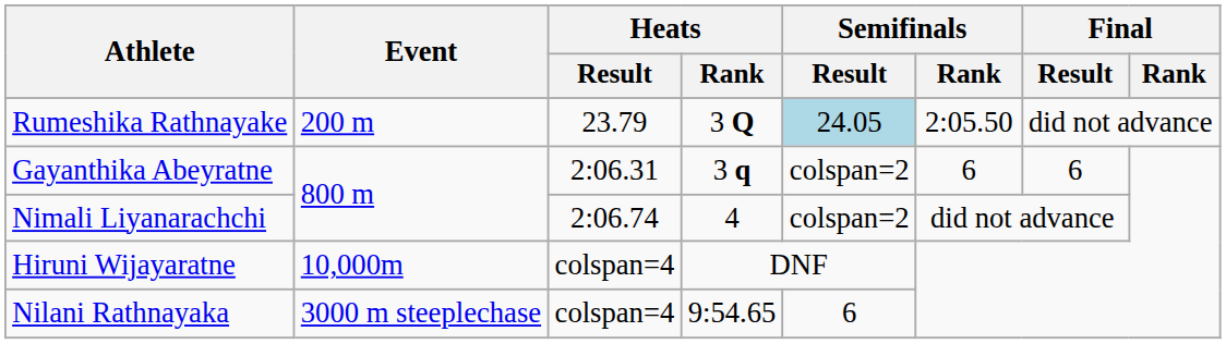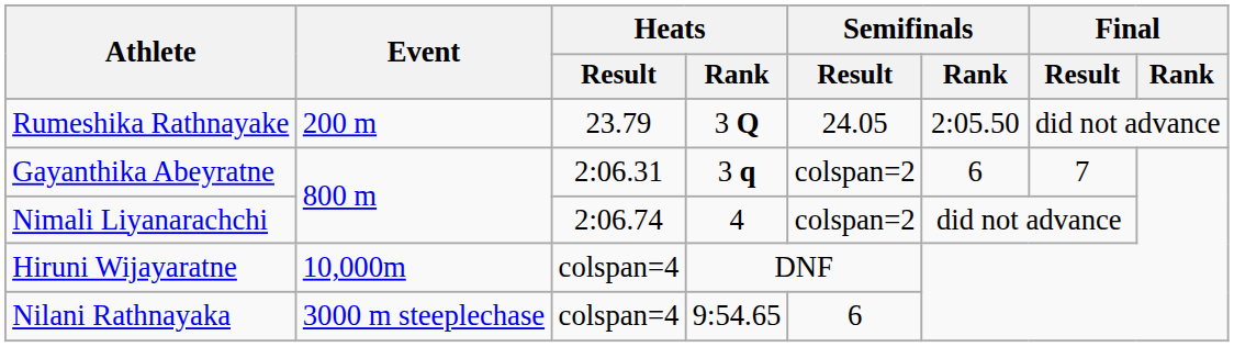 <table class="wikitable" style="font-size:90%">
 <tr>
 <th rowspan=2>Athlete</th>
 <th rowspan=2>Event</th>
 <th colspan=2>Heats</th>
 <th colspan=2>Semifinals</th>
 <th colspan=2>Final</th>
 </tr>
 <tr style="font-size:95%">
 <th>Result</th>
 <th>Rank</th>
 <th>Result</th>
 <th>Rank</th>
 <th>Result</th>
 <th>Rank</th>
 </tr>
 <tr align=center>
 <td align=left><a href='#'>Rumeshika Rathnayake</a></td>
 <td align=left><a href='#'>200 m</a></td>
 <td>23.79</td>
 <td>3 <strong>Q</strong></td>
-<td style="background: lightblue;">24.05</td>
+<td>24.05</td>
 <td>2:05.50</td>
 <td colspan=2>did not advance</td>
 </tr>
 <tr align=center>
 <td align=left><a href='#'>Gayanthika Abeyratne</a></td>
 <td align=left rowspan=2><a href='#'>800 m</a></td>
 <td>2:06.31</td>
 <td>3 <strong>q</strong></td>
 <td>colspan=2 </td>
 <td>6</td>
-<td>6</td>
+<td>7</td>
 </tr>
 <tr align=center>
 <td align=left><a href='#'>Nimali Liyanarachchi</a></td>
 <td>2:06.74</td>
 <td>4</td>
 <td>colspan=2 </td>
 <td colspan=2>did not advance</td>
 </tr>
 <tr align=center>
 <td align=left><a href='#'>Hiruni Wijayaratne</a></td>
 <td align=left><a href='#'>10,000m</a></td>
 <td>colspan=4 </td>
 <td colspan=2>DNF</td>
 </tr>
 <tr align=center>
 <td align=left><a href='#'>Nilani Rathnayaka</a></td>
 <td align=left><a href='#'>3000 m steeplechase</a></td>
 <td>colspan=4 </td>
 <td>9:54.65</td>
 <td>6</td>
 </tr>
 </table>
